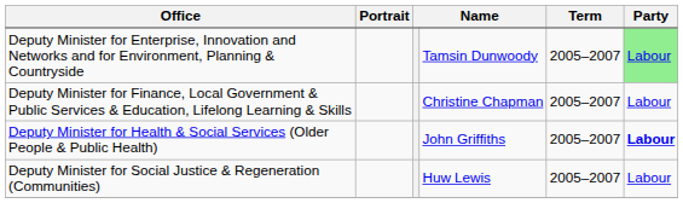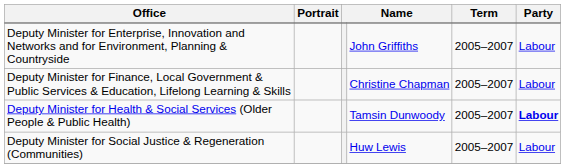 <table class="wikitable">
 <tr style="border-bottom: 2px solid gray;">
 <th style="width: 390px">Office</th>
 <th>Portrait</th>
 <th colspan="2">Name</th>
 <th>Term</th>
 <th>Party</th>
 </tr>
 <tr>
 <td>Deputy Minister for Enterprise, Innovation and Networks and for Environment, Planning & Countryside</td>
 <td></td>
 <th style="background-color: "></th>
-<td><a href='#'>Tamsin Dunwoody</a></td>
+<td><a href='#'>John Griffiths</a></td>
 <td>2005–2007</td>
-<td style="background: lightgreen;"><a href='#'>Labour</a></td>
+<td><a href='#'>Labour</a></td>
 </tr>
 <tr>
 <td>Deputy Minister for Finance, Local Government & Public Services & Education, Lifelong Learning & Skills</td>
 <td></td>
 <th style="background-color: "></th>
 <td><a href='#'>Christine Chapman</a></td>
 <td>2005–2007</td>
 <td><a href='#'>Labour</a></td>
 </tr>
 <tr>
 <td><a href='#'>Deputy Minister for Health & Social Services</a> (Older People & Public Health)</td>
 <td></td>
 <th style="background-color: "></th>
-<td><a href='#'>John Griffiths</a></td>
+<td><a href='#'>Tamsin Dunwoody</a></td>
 <td>2005–2007</td>
 <td><strong><a href='#'>Labour</a></strong></td>
 </tr>
 <tr>
 <td>Deputy Minister for Social Justice & Regeneration (Communities)</td>
 <td></td>
 <th style="background-color: "></th>
 <td><a href='#'>Huw Lewis</a></td>
 <td>2005–2007</td>
 <td><a href='#'>Labour</a></td>
 </tr>
 <tr>
 </tr>
 </table>
